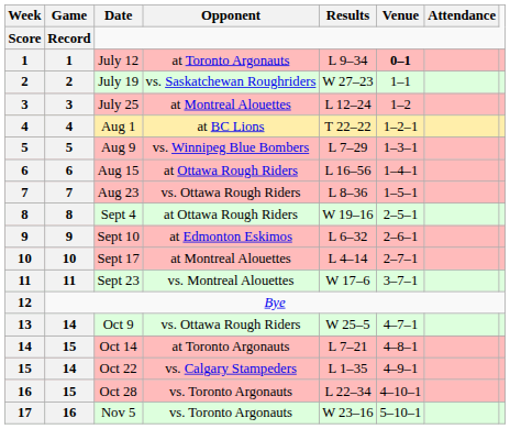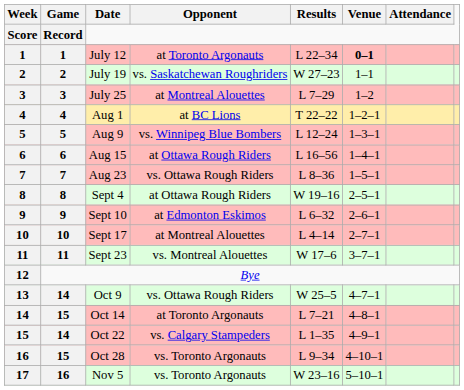 <table class="wikitable" style="text-align:center">
 <tr>
 <th>Week</th>
 <th>Game</th>
 <th>Date</th>
 <th>Opponent</th>
 <th>Results</th>
 <th>Venue</th>
 <th>Attendance</th>
 </tr>
 <tr>
 <th>Score</th>
 <th>Record</th>
 </tr>
 <tr style="background:#ffbbbb">
 <th>1</th>
 <th>1</th>
 <td>July 12</td>
 <td>at <a href='#'>Toronto Argonauts</a></td>
-<td>L 9–34</td>
+<td>L 22–34</td>
 <td><strong>0–1</strong></td>
 <td></td>
 <td></td>
 </tr>
 <tr style="background:#ddffdd">
 <th>2</th>
 <th>2</th>
 <td>July 19</td>
 <td>vs. <a href='#'>Saskatchewan Roughriders</a></td>
 <td>W 27–23</td>
 <td>1–1</td>
 <td></td>
 <td></td>
 </tr>
 <tr style="background:#ffbbbb">
 <th>3</th>
 <th>3</th>
 <td>July 25</td>
 <td>at <a href='#'>Montreal Alouettes</a></td>
-<td>L 12–24</td>
+<td>L 7–29</td>
 <td>1–2</td>
 <td></td>
 <td></td>
 </tr>
 <tr style="background:#ffeeaa">
 <th>4</th>
 <th>4</th>
 <td>Aug 1</td>
 <td>at <a href='#'>BC Lions</a></td>
 <td>T 22–22</td>
 <td>1–2–1</td>
 <td></td>
 <td></td>
 </tr>
 <tr style="background:#ffbbbb">
 <th>5</th>
 <th>5</th>
 <td>Aug 9</td>
 <td>vs. <a href='#'>Winnipeg Blue Bombers</a></td>
-<td>L 7–29</td>
+<td>L 12–24</td>
 <td>1–3–1</td>
 <td></td>
 <td></td>
 </tr>
 <tr style="background:#ffbbbb">
 <th>6</th>
 <th>6</th>
 <td>Aug 15</td>
 <td>at <a href='#'>Ottawa Rough Riders</a></td>
 <td>L 16–56</td>
 <td>1–4–1</td>
 <td></td>
 <td></td>
 </tr>
 <tr style="background:#ffbbbb">
 <th>7</th>
 <th>7</th>
 <td>Aug 23</td>
 <td>vs. Ottawa Rough Riders</td>
 <td>L 8–36</td>
 <td>1–5–1</td>
 <td></td>
 <td></td>
 </tr>
 <tr style="background:#ddffdd">
 <th>8</th>
 <th>8</th>
 <td>Sept 4</td>
 <td>at Ottawa Rough Riders</td>
 <td>W 19–16</td>
 <td>2–5–1</td>
 <td></td>
 <td></td>
 </tr>
 <tr style="background:#ffbbbb">
 <th>9</th>
 <th>9</th>
 <td>Sept 10</td>
 <td>at <a href='#'>Edmonton Eskimos</a></td>
 <td>L 6–32</td>
 <td>2–6–1</td>
 <td></td>
 <td></td>
 </tr>
 <tr style="background:#ffbbbb">
 <th>10</th>
 <th>10</th>
 <td>Sept 17</td>
 <td>at Montreal Alouettes</td>
 <td>L 4–14</td>
 <td>2–7–1</td>
 <td></td>
 <td></td>
 </tr>
 <tr style="background:#ddffdd">
 <th>11</th>
 <th>11</th>
 <td>Sept 23</td>
 <td>vs. Montreal Alouettes</td>
 <td>W 17–6</td>
 <td>3–7–1</td>
 <td></td>
 <td></td>
 </tr>
 <tr>
 <th>12</th>
 <td colspan="7"><em><a href='#'>Bye</a></em></td>
 </tr>
 <tr style="background:#ddffdd">
 <th>13</th>
 <th>14</th>
 <td>Oct 9</td>
 <td>vs. Ottawa Rough Riders</td>
 <td>W 25–5</td>
 <td>4–7–1</td>
 <td></td>
 <td></td>
 </tr>
 <tr style="background:#ffbbbb">
 <th>14</th>
 <th>15</th>
 <td>Oct 14</td>
 <td>at Toronto Argonauts</td>
 <td>L 7–21</td>
 <td>4–8–1</td>
 <td></td>
 <td></td>
 </tr>
 <tr style="background:#ffbbbb">
 <th>15</th>
 <th>14</th>
 <td>Oct 22</td>
 <td>vs. <a href='#'>Calgary Stampeders</a></td>
 <td>L 1–35</td>
 <td>4–9–1</td>
 <td></td>
 <td></td>
 </tr>
 <tr style="background:#ffbbbb">
 <th>16</th>
 <th>15</th>
 <td>Oct 28</td>
 <td>vs. Toronto Argonauts</td>
-<td>L 22–34</td>
+<td>L 9–34</td>
 <td>4–10–1</td>
 <td></td>
 <td></td>
 </tr>
 <tr style="background:#ddffdd">
 <th>17</th>
 <th>16</th>
 <td>Nov 5</td>
 <td>vs. Toronto Argonauts</td>
 <td>W 23–16</td>
 <td>5–10–1</td>
 <td></td>
 <td></td>
 </tr>
 </table>
